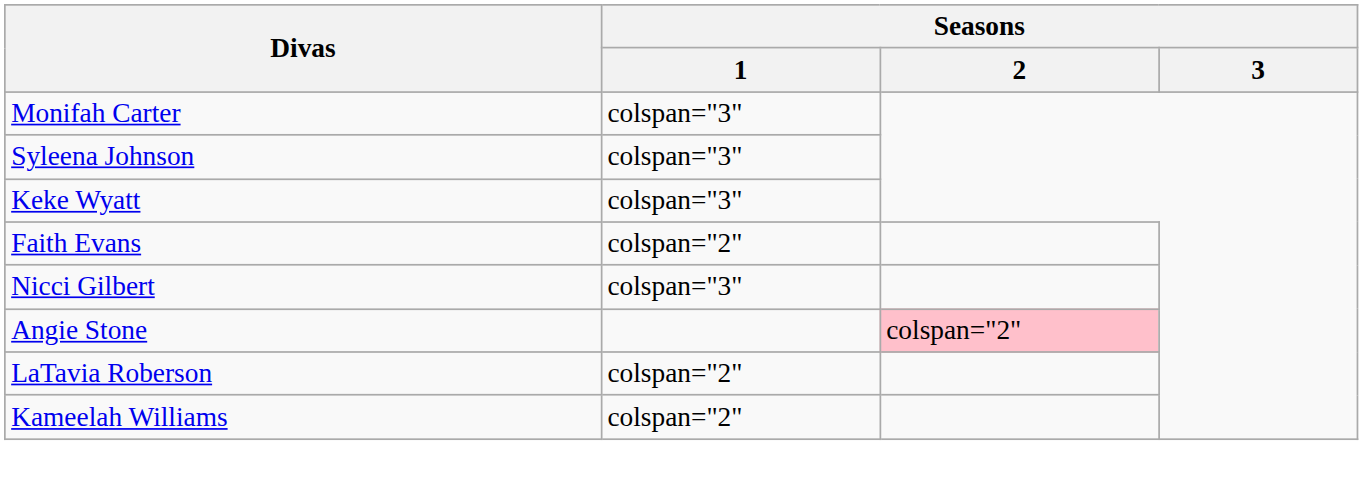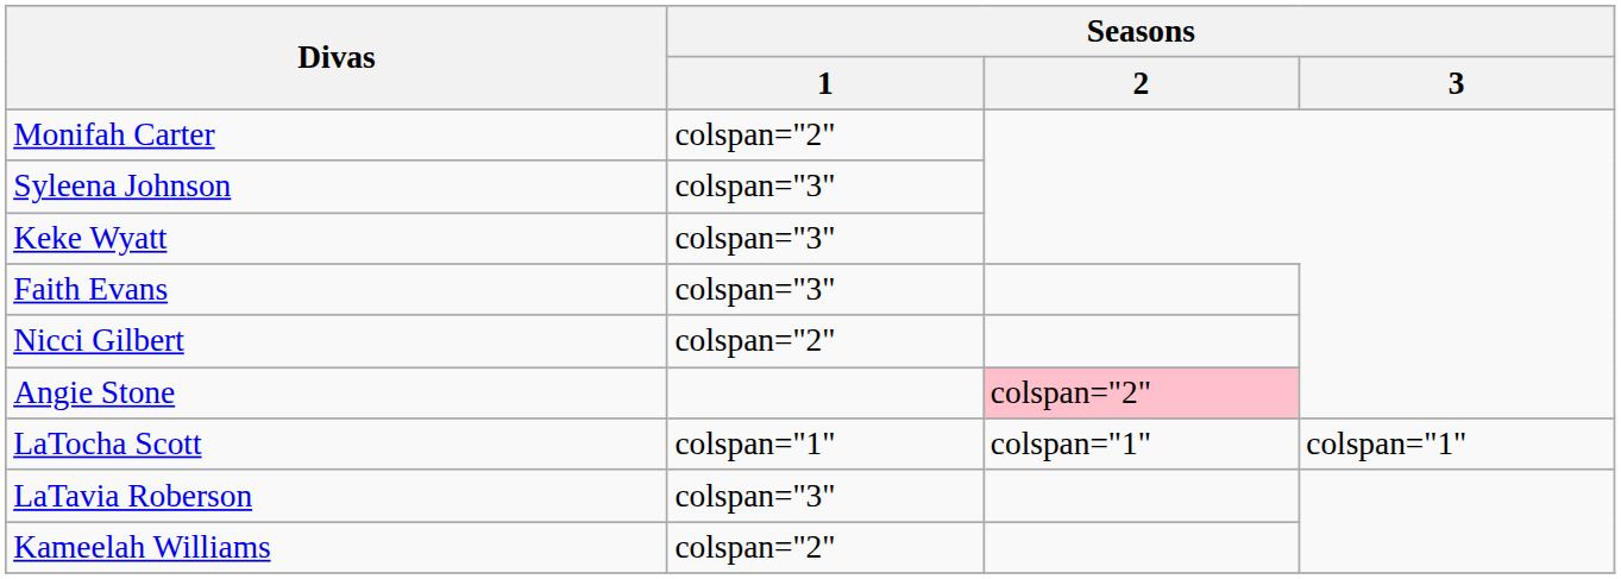 <table class="wikitable plainrowheaders" style="width:50%;">
 <tr>
 <th scope="col" rowspan="2" width="15%">Divas</th>
 <th scope="col" colspan="3">Seasons</th>
 </tr>
 <tr>
 <th style="width:5%;">1</th>
 <th style="width:5%;">2</th>
 <th style="width:5%;">3</th>
 </tr>
 <tr>
 <td><a href='#'> Monifah Carter</a></td>
-<td>colspan="3" </td>
+<td>colspan="2" </td>
 </tr>
 <tr>
 <td><a href='#'>Syleena Johnson</a></td>
 <td>colspan="3" </td>
 </tr>
 <tr>
 <td><a href='#'>Keke Wyatt</a></td>
 <td>colspan="3" </td>
 </tr>
 <tr>
 <td><a href='#'>Faith Evans</a></td>
-<td>colspan="2" </td>
+<td>colspan="3" </td>
 <td></td>
 </tr>
 <tr>
 <td><a href='#'>Nicci Gilbert</a></td>
-<td>colspan="3" </td>
+<td>colspan="2" </td>
 <td></td>
 </tr>
 <tr>
 <td><a href='#'>Angie Stone</a></td>
 <td></td>
 <td style="background: pink;">colspan="2" </td>
 </tr>
 <tr>
+<td><a href='#'>LaTocha Scott</a></td>
+<td>colspan="1" </td>
+<td>colspan="1" </td>
+<td>colspan="1" </td>
+</tr>
+<tr>
 <td><a href='#'>LaTavia Roberson</a></td>
-<td>colspan="2" </td>
+<td>colspan="3" </td>
 <td></td>
 </tr>
 <tr>
 <td><a href='#'>Kameelah Williams</a></td>
 <td>colspan="2" </td>
 <td></td>
 </tr>
 </table>
